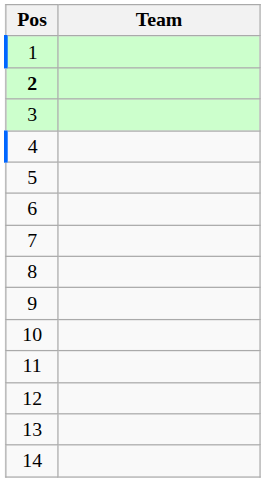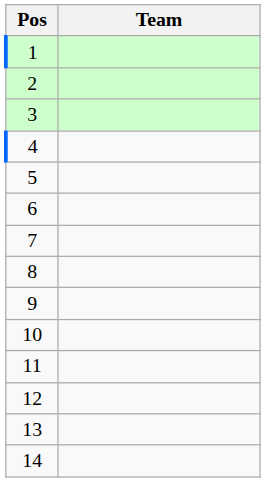 <table class="wikitable" style="text-align:center;">
 <tr>
 <th width=35>Pos</th>
 <th width=155>Team</th>
 </tr>
 <tr bgcolor=ccffcc>
 <td style="border-left:3px solid #06f;">1</td>
 <td align=left></td>
 </tr>
 <tr bgcolor=ccffcc>
-<td><strong>2</strong></td>
+<td>2</td>
 <td align=left></td>
 </tr>
 <tr bgcolor=ccffcc>
 <td>3</td>
 <td align=left></td>
 </tr>
 <tr>
 <td style="border-left:3px solid #06f;">4</td>
 <td align=left></td>
 </tr>
 <tr>
 <td>5</td>
 <td align=left></td>
 </tr>
 <tr>
 <td>6</td>
 <td align=left></td>
 </tr>
 <tr>
 <td>7</td>
 <td align=left></td>
 </tr>
 <tr>
 <td>8</td>
 <td align=left></td>
 </tr>
 <tr>
 <td>9</td>
 <td align=left></td>
 </tr>
 <tr>
 <td>10</td>
 <td align=left></td>
 </tr>
 <tr>
 <td>11</td>
 <td align=left></td>
 </tr>
 <tr>
 <td>12</td>
 <td align=left></td>
 </tr>
 <tr>
 <td>13</td>
 <td align=left></td>
 </tr>
 <tr>
 <td>14</td>
 <td align=left></td>
 </tr>
 </table>
